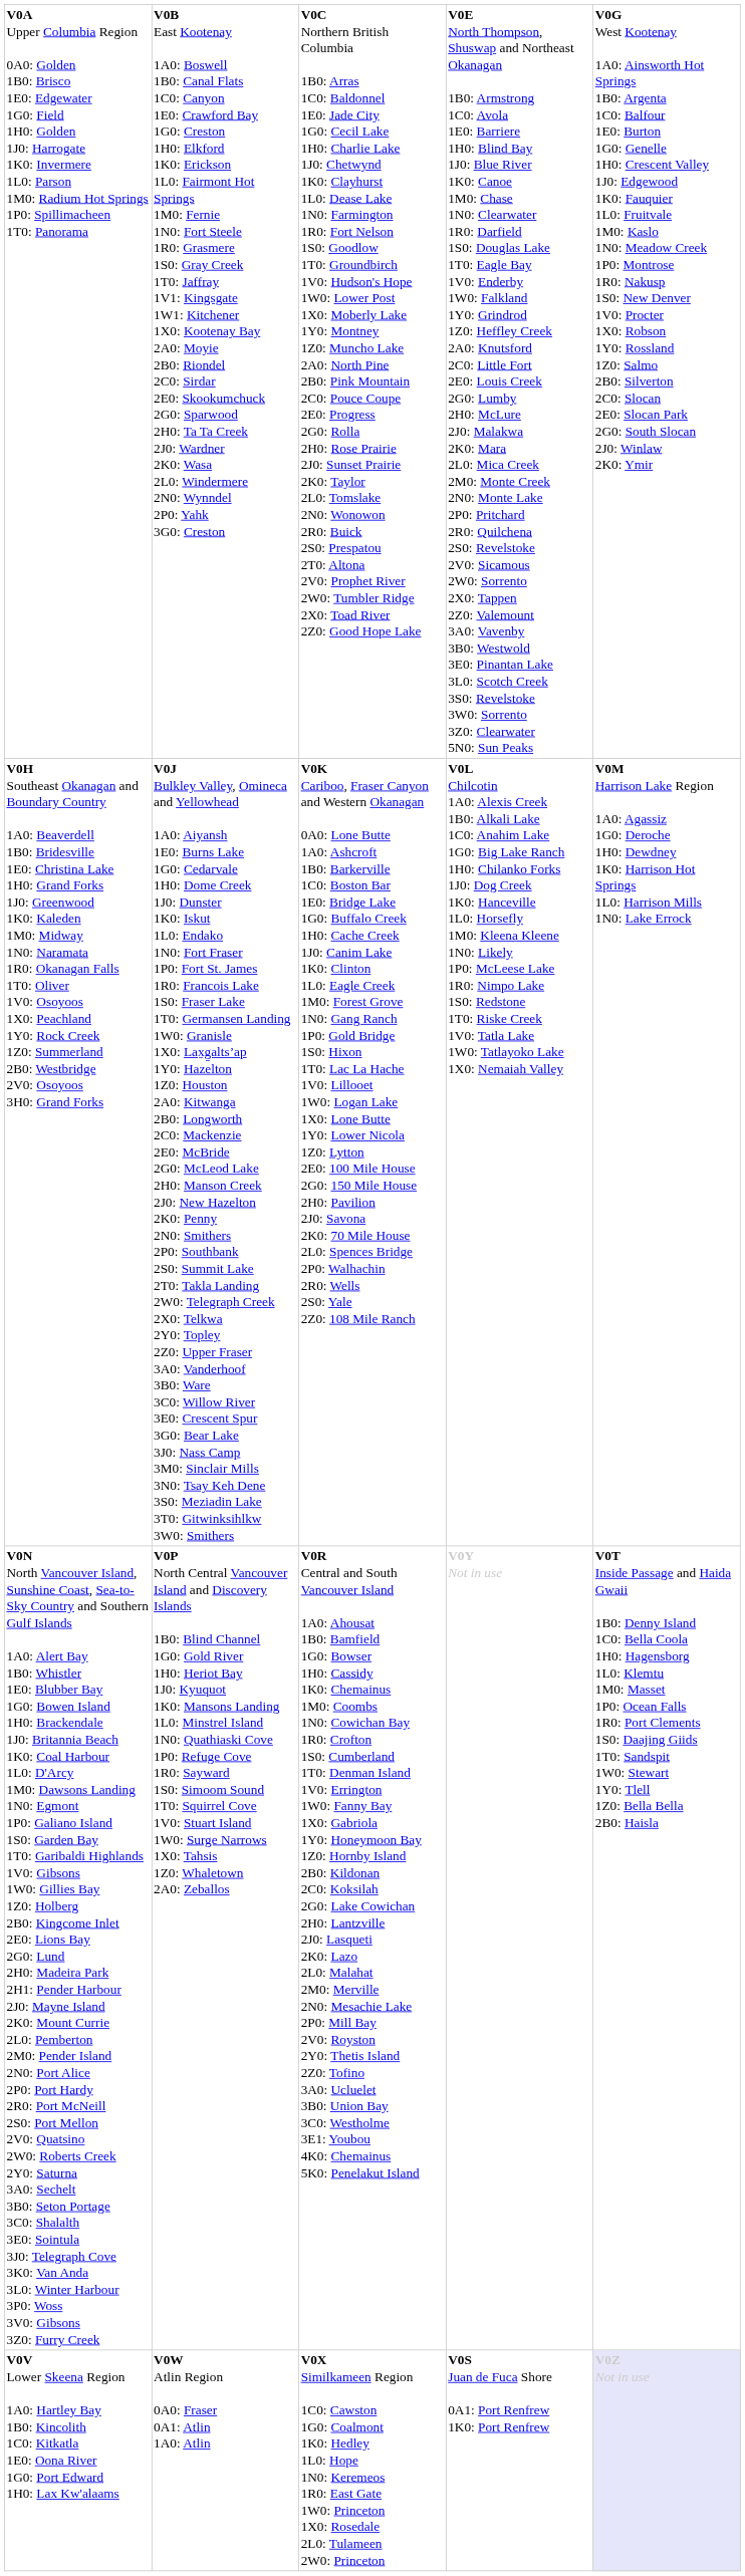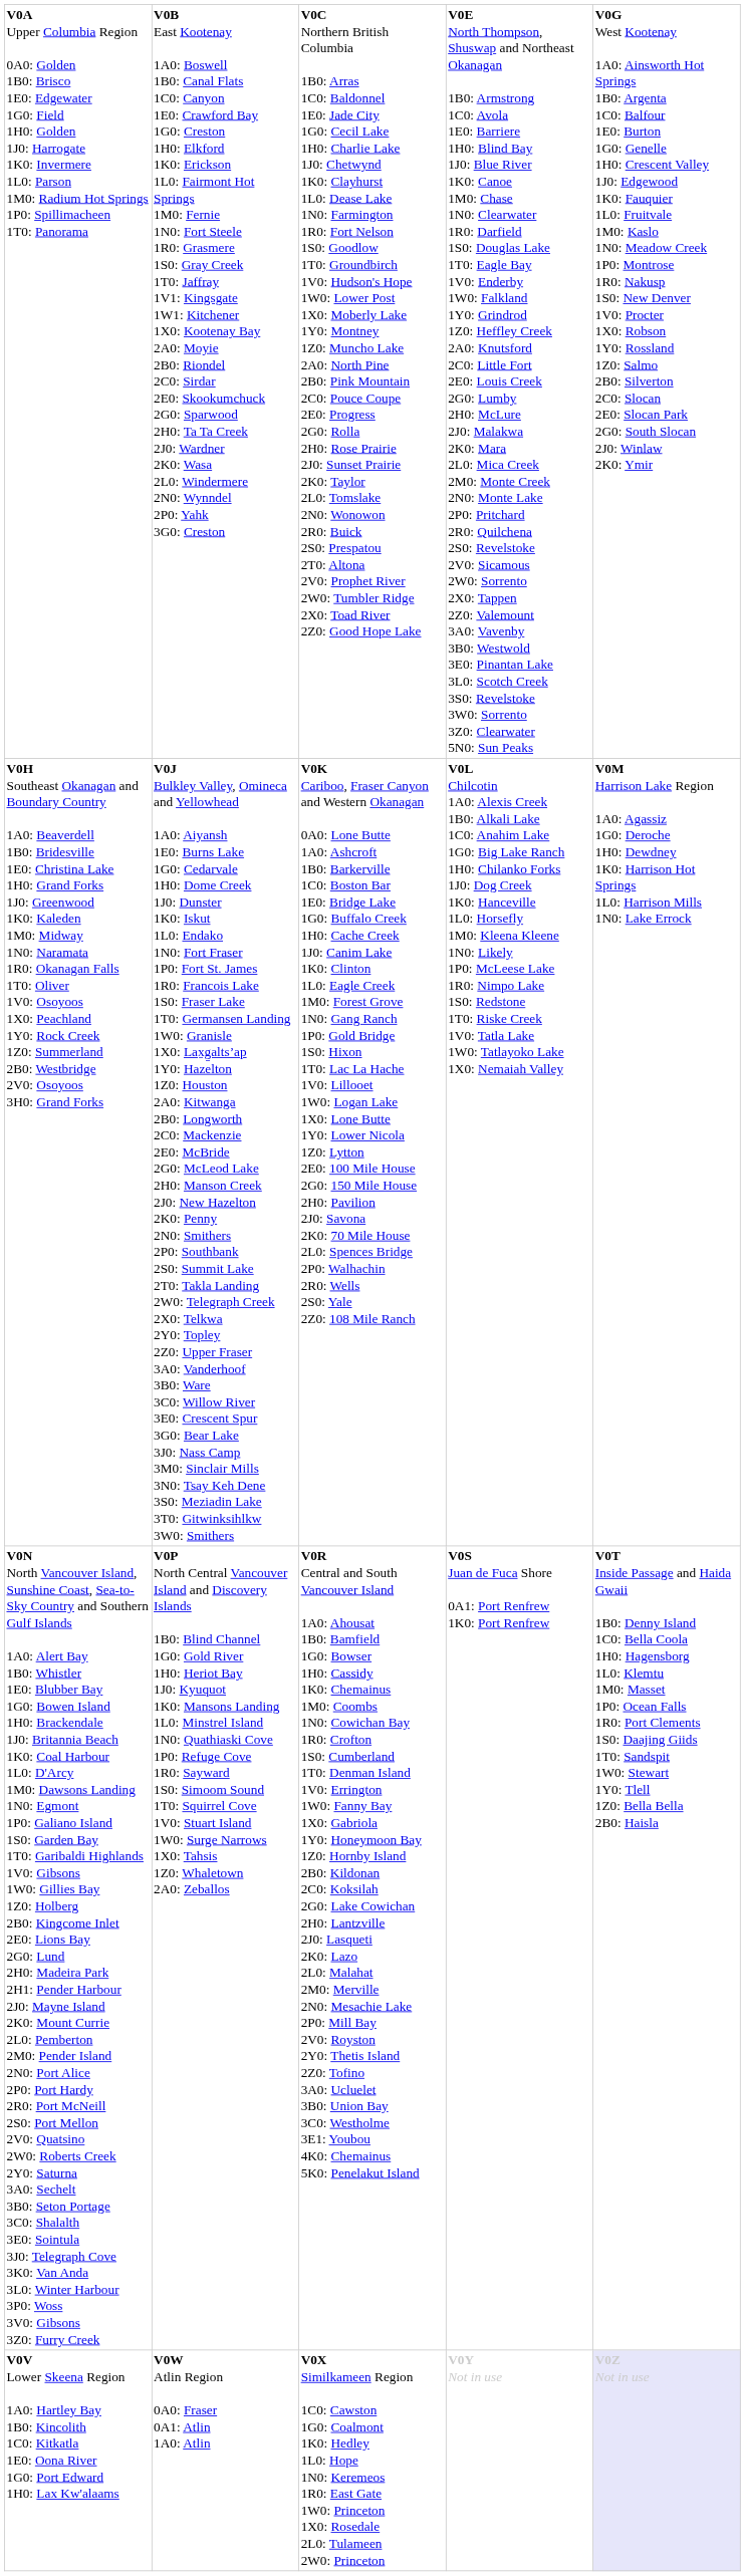 <table rules="all" width=100% cellspacing=0 cellpadding=2 style="border-collapse: collapse; border: 1px solid #ccc; line-height: 125%;">
 <tr>
 <td width=20% valign=top><strong>V0A</strong><br>Upper <a href='#'>Columbia</a> Region<br><br><span> 0A0: <a href='#'>Golden</a><br> 1B0: <a href='#'>Brisco</a><br> 1E0: <a href='#'>Edgewater</a><br> 1G0: <a href='#'>Field</a><br> 1H0: <a href='#'>Golden</a><br> 1J0: <a href='#'>Harrogate</a><br> 1K0: <a href='#'>Invermere</a><br> 1L0: <a href='#'>Parson</a><br> 1M0: <a href='#'>Radium Hot Springs</a><br> 1P0: <a href='#'>Spillimacheen</a><br> 1T0: <a href='#'>Panorama</a><br> </span></td>
 <td width=20% valign=top><strong>V0B</strong><br>East <a href='#'>Kootenay</a><br><br><span> 1A0: <a href='#'>Boswell</a><br> 1B0: <a href='#'>Canal Flats</a><br> 1C0: <a href='#'>Canyon</a><br> 1E0: <a href='#'>Crawford Bay</a><br> 1G0: <a href='#'>Creston</a><br> 1H0: <a href='#'>Elkford</a><br> 1K0: <a href='#'>Erickson</a><br> 1L0: <a href='#'>Fairmont Hot Springs</a><br> 1M0: <a href='#'>Fernie</a><br> 1N0: <a href='#'>Fort Steele</a><br> 1R0: <a href='#'>Grasmere</a><br> 1S0: <a href='#'>Gray Creek</a><br> 1T0: <a href='#'>Jaffray</a><br> 1V1: <a href='#'>Kingsgate</a><br> 1W1: <a href='#'>Kitchener</a><br> 1X0: <a href='#'>Kootenay Bay</a><br> 2A0: <a href='#'>Moyie</a><br> 2B0: <a href='#'>Riondel</a><br> 2C0: <a href='#'>Sirdar</a><br> 2E0: <a href='#'>Skookumchuck</a><br> 2G0: <a href='#'>Sparwood</a><br> 2H0: <a href='#'>Ta Ta Creek</a><br> 2J0: <a href='#'>Wardner</a><br> 2K0: <a href='#'>Wasa</a><br> 2L0: <a href='#'>Windermere</a><br> 2N0: <a href='#'>Wynndel</a><br> 2P0: <a href='#'>Yahk</a><br> 3G0: <a href='#'>Creston</a> </span></td>
 <td width=20% valign=top><strong>V0C</strong><br>Northern British Columbia<br><br><span> 1B0: <a href='#'>Arras</a><br> 1C0: <a href='#'>Baldonnel</a><br> 1E0: <a href='#'>Jade City</a><br> 1G0: <a href='#'>Cecil Lake</a><br> 1H0: <a href='#'>Charlie Lake</a><br> 1J0: <a href='#'>Chetwynd</a><br> 1K0: <a href='#'>Clayhurst</a><br> 1L0: <a href='#'>Dease Lake</a><br> 1N0: <a href='#'>Farmington</a><br> 1R0: <a href='#'>Fort Nelson</a><br> 1S0: <a href='#'>Goodlow</a><br> 1T0: <a href='#'>Groundbirch</a><br> 1V0: <a href='#'>Hudson's Hope</a><br> 1W0: <a href='#'>Lower Post</a><br> 1X0: <a href='#'>Moberly Lake</a><br> 1Y0: <a href='#'>Montney</a><br> 1Z0: <a href='#'>Muncho Lake</a><br> 2A0: <a href='#'>North Pine</a><br> 2B0: <a href='#'>Pink Mountain</a><br> 2C0: <a href='#'>Pouce Coupe</a><br> 2E0: <a href='#'>Progress</a><br> 2G0: <a href='#'>Rolla</a><br> 2H0: <a href='#'>Rose Prairie</a><br> 2J0: <a href='#'>Sunset Prairie</a><br> 2K0: <a href='#'>Taylor</a><br> 2L0: <a href='#'>Tomslake</a><br> 2N0: <a href='#'>Wonowon</a><br> 2R0: <a href='#'>Buick</a><br> 2S0: <a href='#'>Prespatou</a><br> 2T0: <a href='#'>Altona</a><br> 2V0: <a href='#'>Prophet River</a><br> 2W0: <a href='#'>Tumbler Ridge</a><br> 2X0: <a href='#'>Toad River</a><br> 2Z0: <a href='#'>Good Hope Lake</a> </span></td>
 <td width=20% valign=top><strong>V0E</strong><br><a href='#'>North Thompson</a>, <a href='#'>Shuswap</a> and Northeast <a href='#'>Okanagan</a><br><br><span> 1B0: <a href='#'>Armstrong</a><br> 1C0: <a href='#'>Avola</a><br> 1E0: <a href='#'>Barriere</a><br> 1H0: <a href='#'>Blind Bay</a><br> 1J0: <a href='#'>Blue River</a><br> 1K0: <a href='#'>Canoe</a><br> 1M0: <a href='#'>Chase</a><br> 1N0: <a href='#'>Clearwater</a><br> 1R0: <a href='#'>Darfield</a><br> 1S0: <a href='#'>Douglas Lake</a><br> 1T0: <a href='#'>Eagle Bay</a><br> 1V0: <a href='#'>Enderby</a><br> 1W0: <a href='#'>Falkland</a><br> 1Y0: <a href='#'>Grindrod</a><br> 1Z0: <a href='#'>Heffley Creek</a><br> 2A0: <a href='#'>Knutsford</a><br> 2C0: <a href='#'>Little Fort</a><br> 2E0: <a href='#'>Louis Creek</a><br> 2G0: <a href='#'>Lumby</a><br> 2H0: <a href='#'>McLure</a><br> 2J0: <a href='#'>Malakwa</a><br> 2K0: <a href='#'>Mara</a><br> 2L0: <a href='#'>Mica Creek</a><br> 2M0: <a href='#'>Monte Creek</a><br> 2N0: <a href='#'>Monte Lake</a><br> 2P0: <a href='#'>Pritchard</a><br> 2R0: <a href='#'>Quilchena</a><br> 2S0: <a href='#'>Revelstoke</a><br> 2V0: <a href='#'>Sicamous</a><br> 2W0: <a href='#'>Sorrento</a><br> 2X0: <a href='#'>Tappen</a><br> 2Z0: <a href='#'>Valemount</a><br> 3A0: <a href='#'>Vavenby</a><br> 3B0: <a href='#'>Westwold</a><br> 3E0: <a href='#'>Pinantan Lake</a><br> 3L0: <a href='#'>Scotch Creek</a><br> 3S0: <a href='#'>Revelstoke</a><br> 3W0: <a href='#'>Sorrento</a><br> 3Z0: <a href='#'>Clearwater</a><br> 5N0: <a href='#'>Sun Peaks</a> </span></td>
 <td width=20% valign=top><strong>V0G</strong><br>West <a href='#'>Kootenay</a><br><br><span> 1A0: <a href='#'>Ainsworth Hot Springs</a><br> 1B0: <a href='#'>Argenta</a><br> 1C0: <a href='#'>Balfour</a><br> 1E0: <a href='#'>Burton</a><br> 1G0: <a href='#'>Genelle</a><br> 1H0: <a href='#'>Crescent Valley</a><br> 1J0: <a href='#'>Edgewood</a><br> 1K0: <a href='#'>Fauquier</a><br> 1L0: <a href='#'>Fruitvale</a><br> 1M0: <a href='#'>Kaslo</a><br> 1N0: <a href='#'>Meadow Creek</a><br> 1P0: <a href='#'>Montrose</a><br> 1R0: <a href='#'>Nakusp</a><br> 1S0: <a href='#'>New Denver</a><br> 1V0: <a href='#'>Procter</a><br> 1X0: <a href='#'>Robson</a><br> 1Y0: <a href='#'>Rossland</a><br> 1Z0: <a href='#'>Salmo</a><br> 2B0: <a href='#'>Silverton</a><br> 2C0: <a href='#'>Slocan</a><br> 2E0: <a href='#'>Slocan Park</a><br> 2G0: <a href='#'>South Slocan</a><br> 2J0: <a href='#'>Winlaw</a><br> 2K0: <a href='#'>Ymir</a> </span></td>
 </tr>
 <tr>
 <td width=20% valign=top><strong>V0H</strong><br>Southeast <a href='#'>Okanagan</a> and <a href='#'>Boundary Country</a><br><br><span> 1A0: <a href='#'>Beaverdell</a><br> 1B0: <a href='#'>Bridesville</a><br> 1E0: <a href='#'>Christina Lake</a><br> 1H0: <a href='#'>Grand Forks</a><br> 1J0: <a href='#'>Greenwood</a><br> 1K0: <a href='#'>Kaleden</a><br> 1M0: <a href='#'>Midway</a><br> 1N0: <a href='#'>Naramata</a><br> 1R0: <a href='#'>Okanagan Falls</a><br> 1T0: <a href='#'>Oliver</a><br> 1V0: <a href='#'>Osoyoos</a><br> 1X0: <a href='#'>Peachland</a><br> 1Y0: <a href='#'>Rock Creek</a><br> 1Z0: <a href='#'>Summerland</a><br> 2B0: <a href='#'>Westbridge</a><br> 2V0: <a href='#'>Osoyoos</a><br> 3H0: <a href='#'>Grand Forks</a> </span></td>
 <td width=20% valign=top><strong>V0J</strong><br><a href='#'>Bulkley Valley</a>, <a href='#'>Omineca</a> and <a href='#'>Yellowhead</a><br><br><span> 1A0: <a href='#'>Aiyansh</a><br> 1E0: <a href='#'>Burns Lake</a><br> 1G0: <a href='#'>Cedarvale</a><br> 1H0: <a href='#'>Dome Creek</a><br> 1J0: <a href='#'>Dunster</a><br> 1K0: <a href='#'>Iskut</a><br> 1L0: <a href='#'>Endako</a><br> 1N0: <a href='#'>Fort Fraser</a><br> 1P0: <a href='#'>Fort St. James</a><br> 1R0: <a href='#'>Francois Lake</a><br> 1S0: <a href='#'>Fraser Lake</a><br> 1T0: <a href='#'>Germansen Landing</a><br> 1W0: <a href='#'>Granisle</a><br> 1X0: <a href='#'>Lax̱g̱altsʼap</a><br> 1Y0: <a href='#'>Hazelton</a><br> 1Z0: <a href='#'>Houston</a><br> 2A0: <a href='#'>Kitwanga</a><br> 2B0: <a href='#'>Longworth</a><br> 2C0: <a href='#'>Mackenzie</a><br> 2E0: <a href='#'>McBride</a><br> 2G0: <a href='#'>McLeod Lake</a><br> 2H0: <a href='#'>Manson Creek</a><br> 2J0: <a href='#'>New Hazelton</a><br> 2K0: <a href='#'>Penny</a><br> 2N0: <a href='#'>Smithers</a><br> 2P0: <a href='#'>Southbank</a><br> 2S0: <a href='#'>Summit Lake</a><br> 2T0: <a href='#'>Takla Landing</a><br> 2W0: <a href='#'>Telegraph Creek</a><br> 2X0: <a href='#'>Telkwa</a><br> 2Y0: <a href='#'>Topley</a><br> 2Z0: <a href='#'>Upper Fraser</a><br> 3A0: <a href='#'>Vanderhoof</a><br> 3B0: <a href='#'>Ware</a><br> 3C0: <a href='#'>Willow River</a><br> 3E0: <a href='#'>Crescent Spur</a><br> 3G0: <a href='#'>Bear Lake</a><br> 3J0: <a href='#'>Nass Camp</a><br> 3M0: <a href='#'>Sinclair Mills</a><br> 3N0: <a href='#'>Tsay Keh Dene</a><br> 3S0: <a href='#'>Meziadin Lake</a><br> 3T0: <a href='#'>Gitwinksihlkw</a><br> 3W0: <a href='#'>Smithers</a><br> </span></td>
 <td width=20% valign=top><strong>V0K</strong><br><a href='#'>Cariboo</a>, <a href='#'>Fraser Canyon</a> and Western <a href='#'>Okanagan</a><br><br><span> 0A0: <a href='#'>Lone Butte</a><br> 1A0: <a href='#'>Ashcroft</a><br> 1B0: <a href='#'>Barkerville</a><br> 1C0: <a href='#'>Boston Bar</a><br> 1E0: <a href='#'>Bridge Lake</a><br> 1G0: <a href='#'>Buffalo Creek</a><br> 1H0: <a href='#'>Cache Creek</a><br> 1J0: <a href='#'>Canim Lake</a><br> 1K0: <a href='#'>Clinton</a><br> 1L0: <a href='#'>Eagle Creek</a><br> 1M0: <a href='#'>Forest Grove</a><br> 1N0: <a href='#'>Gang Ranch</a><br> 1P0: <a href='#'>Gold Bridge</a><br> 1S0: <a href='#'>Hixon</a><br> 1T0: <a href='#'>Lac La Hache</a><br> 1V0: <a href='#'>Lillooet</a><br> 1W0: <a href='#'>Logan Lake</a><br> 1X0: <a href='#'>Lone Butte</a><br> 1Y0: <a href='#'>Lower Nicola</a><br> 1Z0: <a href='#'>Lytton</a><br> 2E0: <a href='#'>100 Mile House</a><br> 2G0: <a href='#'>150 Mile House</a><br> 2H0: <a href='#'>Pavilion</a><br> 2J0: <a href='#'>Savona</a><br> 2K0: <a href='#'>70 Mile House</a><br> 2L0: <a href='#'>Spences Bridge</a><br> 2P0: <a href='#'>Walhachin</a><br> 2R0: <a href='#'>Wells</a><br> 2S0: <a href='#'>Yale</a><br> 2Z0: <a href='#'>108 Mile Ranch</a> </span></td>
 <td width=20% valign=top><strong>V0L</strong><br><a href='#'>Chilcotin</a><br><span> 1A0: <a href='#'>Alexis Creek</a><br> 1B0: <a href='#'>Alkali Lake</a><br> 1C0: <a href='#'>Anahim Lake</a><br> 1G0: <a href='#'>Big Lake Ranch</a><br> 1H0: <a href='#'>Chilanko Forks</a><br> 1J0: <a href='#'>Dog Creek</a><br> 1K0: <a href='#'>Hanceville</a><br> 1L0: <a href='#'>Horsefly</a><br> 1M0: <a href='#'>Kleena Kleene</a><br> 1N0: <a href='#'>Likely</a><br> 1P0: <a href='#'>McLeese Lake</a><br> 1R0: <a href='#'>Nimpo Lake</a><br> 1S0: <a href='#'>Redstone</a><br> 1T0: <a href='#'>Riske Creek</a><br> 1V0: <a href='#'>Tatla Lake</a><br> 1W0: <a href='#'>Tatlayoko Lake</a><br> 1X0: <a href='#'>Nemaiah Valley</a> </span></td>
 <td width=20% valign=top><strong>V0M</strong><br><a href='#'>Harrison Lake</a> Region<br><br><span> 1A0: <a href='#'>Agassiz</a><br> 1G0: <a href='#'>Deroche</a><br> 1H0: <a href='#'>Dewdney</a><br> 1K0: <a href='#'>Harrison Hot Springs</a><br> 1L0: <a href='#'>Harrison Mills</a><br> 1N0: <a href='#'>Lake Errock</a> </span></td>
 </tr>
 <tr>
 <td width=20% valign=top><strong>V0N</strong><br>North <a href='#'>Vancouver Island</a>, <a href='#'>Sunshine Coast</a>, <a href='#'>Sea-to-Sky Country</a> and Southern <a href='#'>Gulf Islands</a><br><br><span> 1A0: <a href='#'>Alert Bay</a><br> 1B0: <a href='#'>Whistler</a><br> 1E0: <a href='#'>Blubber Bay</a><br> 1G0: <a href='#'>Bowen Island</a><br> 1H0: <a href='#'>Brackendale</a><br> 1J0: <a href='#'>Britannia Beach</a><br> 1K0: <a href='#'>Coal Harbour</a><br> 1L0: <a href='#'>D'Arcy</a><br> 1M0: <a href='#'>Dawsons Landing</a><br> 1N0: <a href='#'>Egmont</a><br> 1P0: <a href='#'>Galiano Island</a><br> 1S0: <a href='#'>Garden Bay</a><br> 1T0: <a href='#'>Garibaldi Highlands</a><br> 1V0: <a href='#'>Gibsons</a><br> 1W0: <a href='#'>Gillies Bay</a><br> 1Z0: <a href='#'>Holberg</a><br> 2B0: <a href='#'>Kingcome Inlet</a><br> 2E0: <a href='#'>Lions Bay</a><br> 2G0: <a href='#'>Lund</a><br> 2H0: <a href='#'>Madeira Park</a><br> 2H1: <a href='#'>Pender Harbour</a><br> 2J0: <a href='#'>Mayne Island</a><br> 2K0: <a href='#'>Mount Currie</a><br> 2L0: <a href='#'>Pemberton</a><br> 2M0: <a href='#'>Pender Island</a><br> 2N0: <a href='#'>Port Alice</a><br> 2P0: <a href='#'>Port Hardy</a><br> 2R0: <a href='#'>Port McNeill</a><br> 2S0: <a href='#'>Port Mellon</a><br> 2V0: <a href='#'>Quatsino</a><br> 2W0: <a href='#'>Roberts Creek</a><br> 2Y0: <a href='#'>Saturna</a><br> 3A0: <a href='#'>Sechelt</a><br> 3B0: <a href='#'>Seton Portage</a><br> 3C0: <a href='#'>Shalalth</a><br> 3E0: <a href='#'>Sointula</a><br> 3J0: <a href='#'>Telegraph Cove</a><br> 3K0: <a href='#'>Van Anda</a><br> 3L0: <a href='#'>Winter Harbour</a><br> 3P0: <a href='#'>Woss</a><br> 3V0: <a href='#'>Gibsons</a><br> 3Z0: <a href='#'>Furry Creek</a> </span></td>
 <td width=20% valign=top><strong>V0P</strong><br>North Central <a href='#'>Vancouver Island</a> and <a href='#'>Discovery Islands</a><br><br><span> 1B0: <a href='#'>Blind Channel</a><br> 1G0: <a href='#'>Gold River</a><br> 1H0: <a href='#'>Heriot Bay</a><br> 1J0: <a href='#'>Kyuquot</a><br> 1K0: <a href='#'>Mansons Landing</a><br> 1L0: <a href='#'>Minstrel Island</a><br> 1N0: <a href='#'>Quathiaski Cove</a><br> 1P0: <a href='#'>Refuge Cove</a><br> 1R0: <a href='#'>Sayward</a><br> 1S0: <a href='#'>Simoom Sound</a><br> 1T0: <a href='#'>Squirrel Cove</a><br> 1V0: <a href='#'>Stuart Island</a><br> 1W0: <a href='#'>Surge Narrows</a><br> 1X0: <a href='#'>Tahsis</a><br> 1Z0: <a href='#'>Whaletown</a><br> 2A0: <a href='#'>Zeballos</a> </span></td>
 <td width=20% valign=top><strong>V0R</strong><br>Central and South <a href='#'>Vancouver Island</a><br><br><span> 1A0: <a href='#'>Ahousat</a><br> 1B0: <a href='#'>Bamfield</a><br> 1G0: <a href='#'>Bowser</a><br> 1H0: <a href='#'>Cassidy</a><br> 1K0: <a href='#'>Chemainus</a><br> 1M0: <a href='#'>Coombs</a><br> 1N0: <a href='#'>Cowichan Bay</a><br> 1R0: <a href='#'>Crofton</a><br> 1S0: <a href='#'>Cumberland</a><br> 1T0: <a href='#'>Denman Island</a><br> 1V0: <a href='#'>Errington</a><br> 1W0: <a href='#'>Fanny Bay</a><br> 1X0: <a href='#'>Gabriola</a><br> 1Y0: <a href='#'>Honeymoon Bay</a><br> 1Z0: <a href='#'>Hornby Island</a><br> 2B0: <a href='#'>Kildonan</a><br> 2C0: <a href='#'>Koksilah</a><br> 2G0: <a href='#'>Lake Cowichan</a><br> 2H0: <a href='#'>Lantzville</a><br> 2J0: <a href='#'>Lasqueti</a><br> 2K0: <a href='#'>Lazo</a><br> 2L0: <a href='#'>Malahat</a><br> 2M0: <a href='#'>Merville</a><br> 2N0: <a href='#'>Mesachie Lake</a><br> 2P0: <a href='#'>Mill Bay</a><br> 2V0: <a href='#'>Royston</a><br> 2Y0: <a href='#'>Thetis Island</a><br> 2Z0: <a href='#'>Tofino</a><br> 3A0: <a href='#'>Ucluelet</a><br> 3B0: <a href='#'>Union Bay</a><br> 3C0: <a href='#'>Westholme</a><br> 3E1: <a href='#'>Youbou</a><br> 4K0: <a href='#'>Chemainus</a><br> 5K0: <a href='#'>Penelakut Island</a> </span></td>
-<td width=20% valign=top style="color: #CCC;"><strong>V0Y</strong><br><em>Not in use</em></td>
+<td width=20% valign=top><strong>V0S</strong><br><a href='#'>Juan de Fuca</a> Shore<br><br><span> 0A1: <a href='#'>Port Renfrew</a><br> 1K0: <a href='#'>Port Renfrew</a> </span></td>
 <td width=20% valign=top><strong>V0T</strong><br><a href='#'>Inside Passage</a> and <a href='#'>Haida Gwaii</a><br><br><span> 1B0: <a href='#'>Denny Island</a><br> 1C0: <a href='#'>Bella Coola</a><br> 1H0: <a href='#'>Hagensborg</a><br> 1L0: <a href='#'>Klemtu</a><br> 1M0: <a href='#'>Masset</a><br> 1P0: <a href='#'>Ocean Falls</a><br> 1R0: <a href='#'>Port Clements</a><br> 1S0: <a href='#'>Daajing Giids</a><br> 1T0: <a href='#'>Sandspit</a><br> 1W0: <a href='#'>Stewart</a><br> 1Y0: <a href='#'>Tlell</a><br> 1Z0: <a href='#'>Bella Bella</a><br> 2B0: <a href='#'>Haisla</a> </span></td>
 </tr>
 <tr>
 <td width=20% valign=top><strong>V0V</strong><br>Lower <a href='#'>Skeena</a> Region<br><br><span> 1A0: <a href='#'>Hartley Bay</a><br> 1B0: <a href='#'>Kincolith</a><br> 1C0: <a href='#'>Kitkatla</a><br> 1E0: <a href='#'>Oona River</a><br> 1G0: <a href='#'>Port Edward</a><br> 1H0: <a href='#'>Lax Kw'alaams</a> </span></td>
 <td width=20% valign=top><strong>V0W</strong><br>Atlin Region<br><br><span> 0A0: <a href='#'>Fraser</a><br> 0A1: <a href='#'>Atlin</a><br> 1A0: <a href='#'>Atlin</a> </span></td>
 <td width=20% valign=top><strong>V0X</strong><br><a href='#'>Similkameen</a> Region<br><br><span> 1C0: <a href='#'>Cawston</a><br> 1G0: <a href='#'>Coalmont</a><br> 1K0: <a href='#'>Hedley</a><br> 1L0: <a href='#'>Hope</a><br> 1N0: <a href='#'>Keremeos</a><br> 1R0: <a href='#'>East Gate</a><br> 1W0: <a href='#'>Princeton</a><br> 1X0: <a href='#'>Rosedale</a><br> 2L0: <a href='#'>Tulameen</a><br> 2W0: <a href='#'>Princeton</a> </span></td>
-<td width=20% valign=top><strong>V0S</strong><br><a href='#'>Juan de Fuca</a> Shore<br><br><span> 0A1: <a href='#'>Port Renfrew</a><br> 1K0: <a href='#'>Port Renfrew</a> </span></td>
+<td width=20% valign=top style="color: #CCC;"><strong>V0Y</strong><br><em>Not in use</em></td>
 <td width=20% valign=top style="background: lavender; color: #CCC;"><strong>V0Z</strong><br><em>Not in use</em></td>
 </tr>
 </table>
